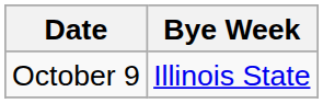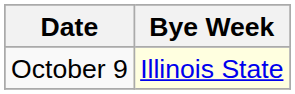 <table class="wikitable" style="font-size:95%;">
 <tr>
 <th>Date</th>
 <th>Bye Week</th>
 </tr>
 <tr>
 <td>October 9</td>
-<td><a href='#'>Illinois State</a></td>
+<td style="background: lightyellow;"><a href='#'>Illinois State</a></td>
 </tr>
 </table>
